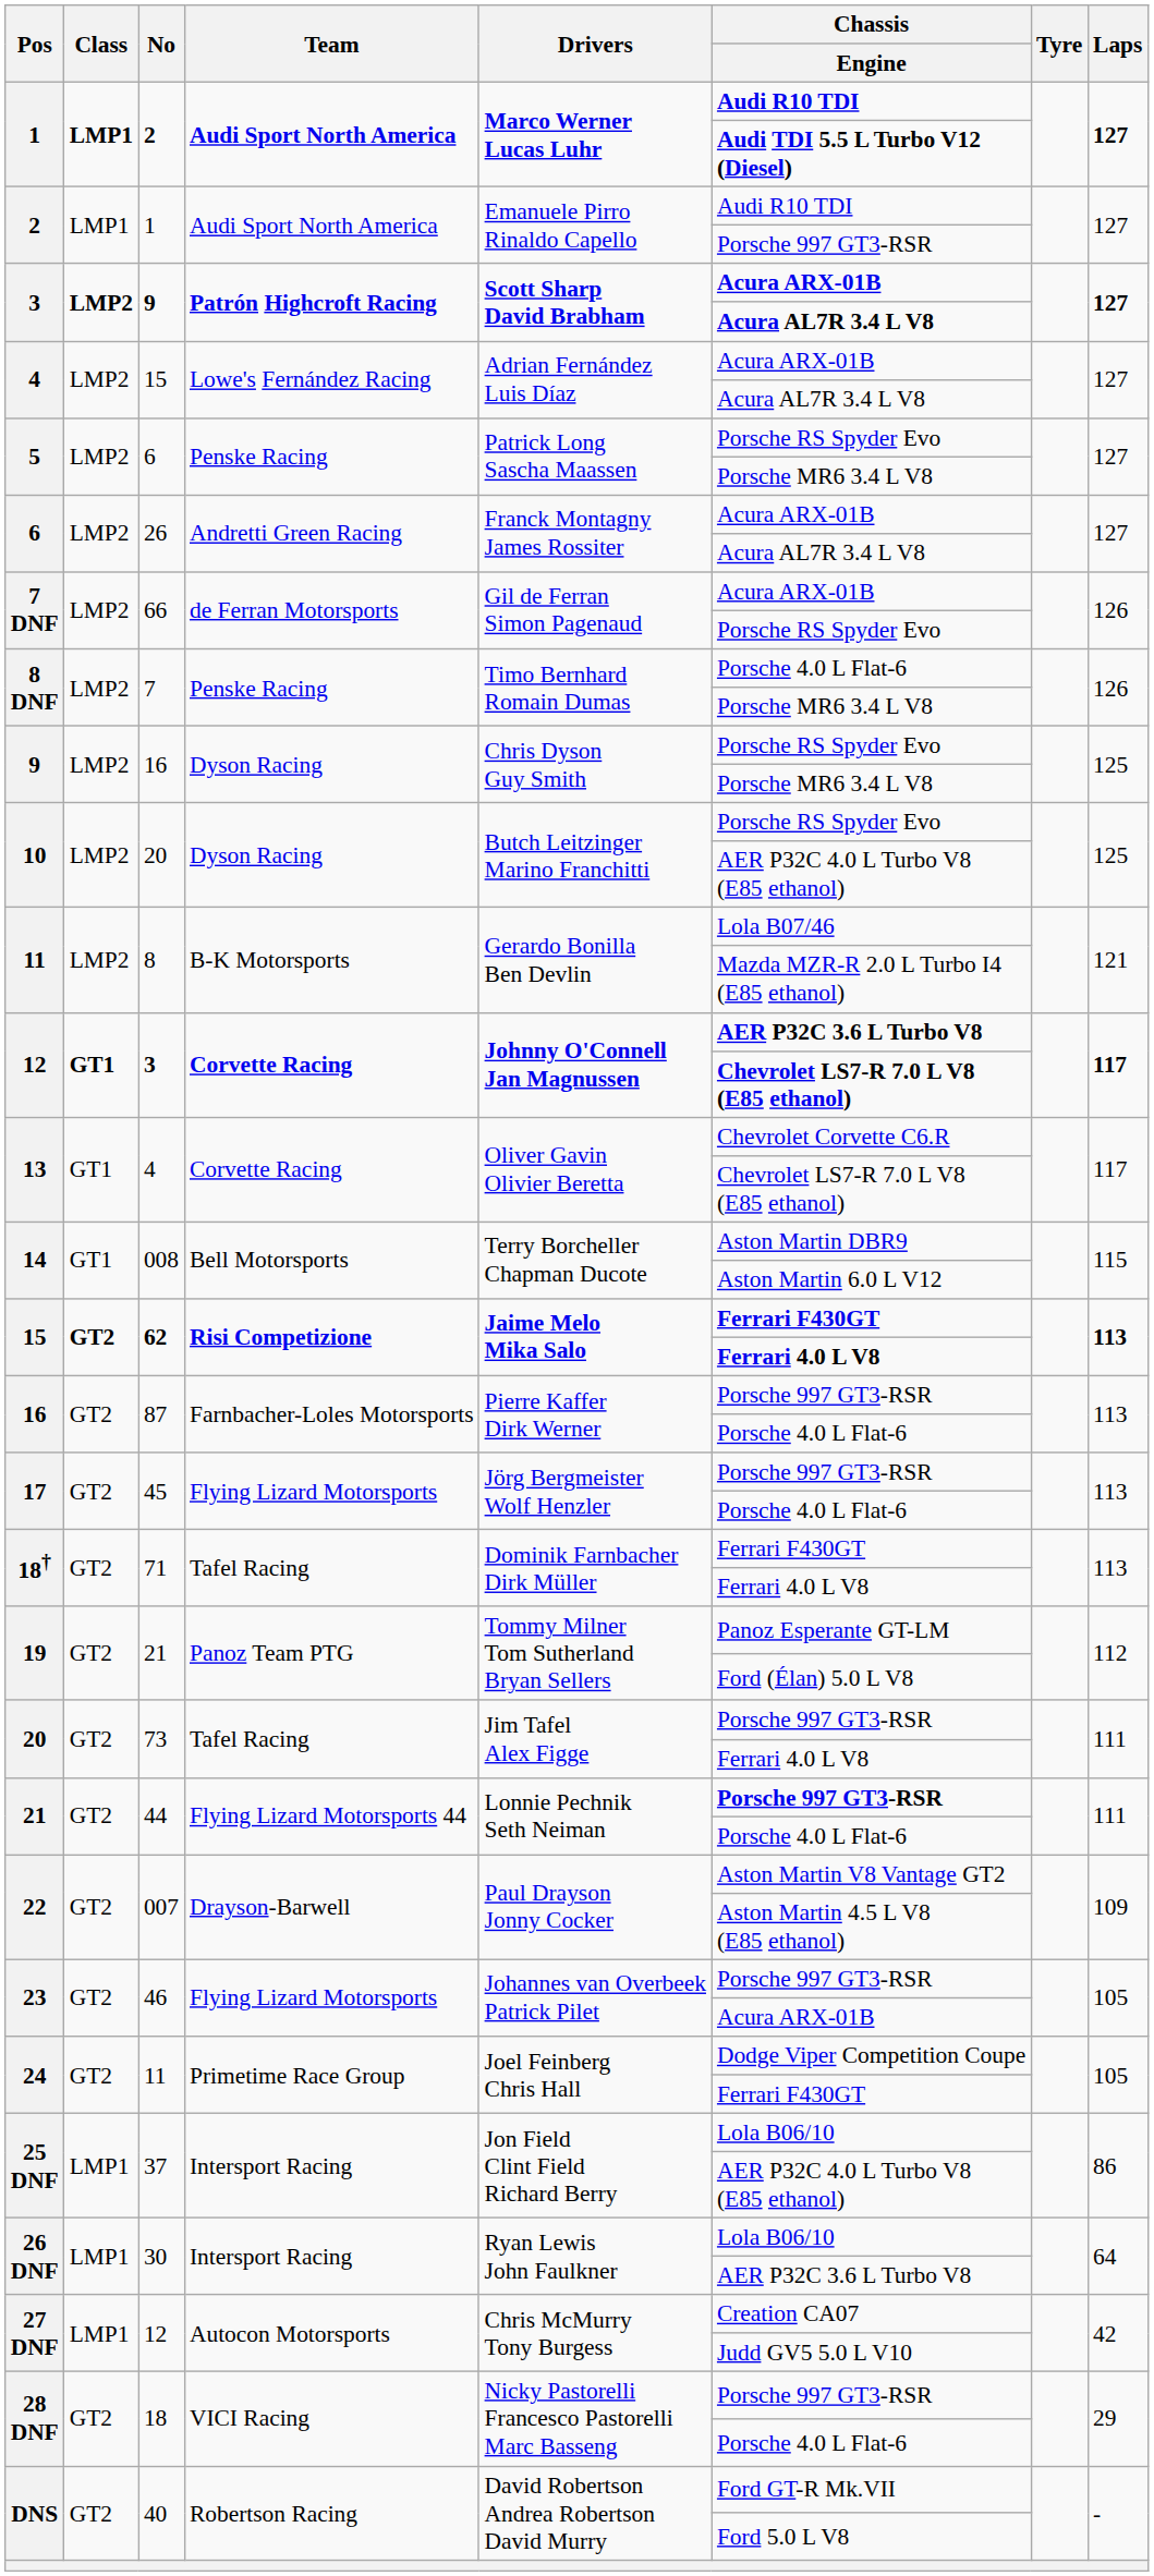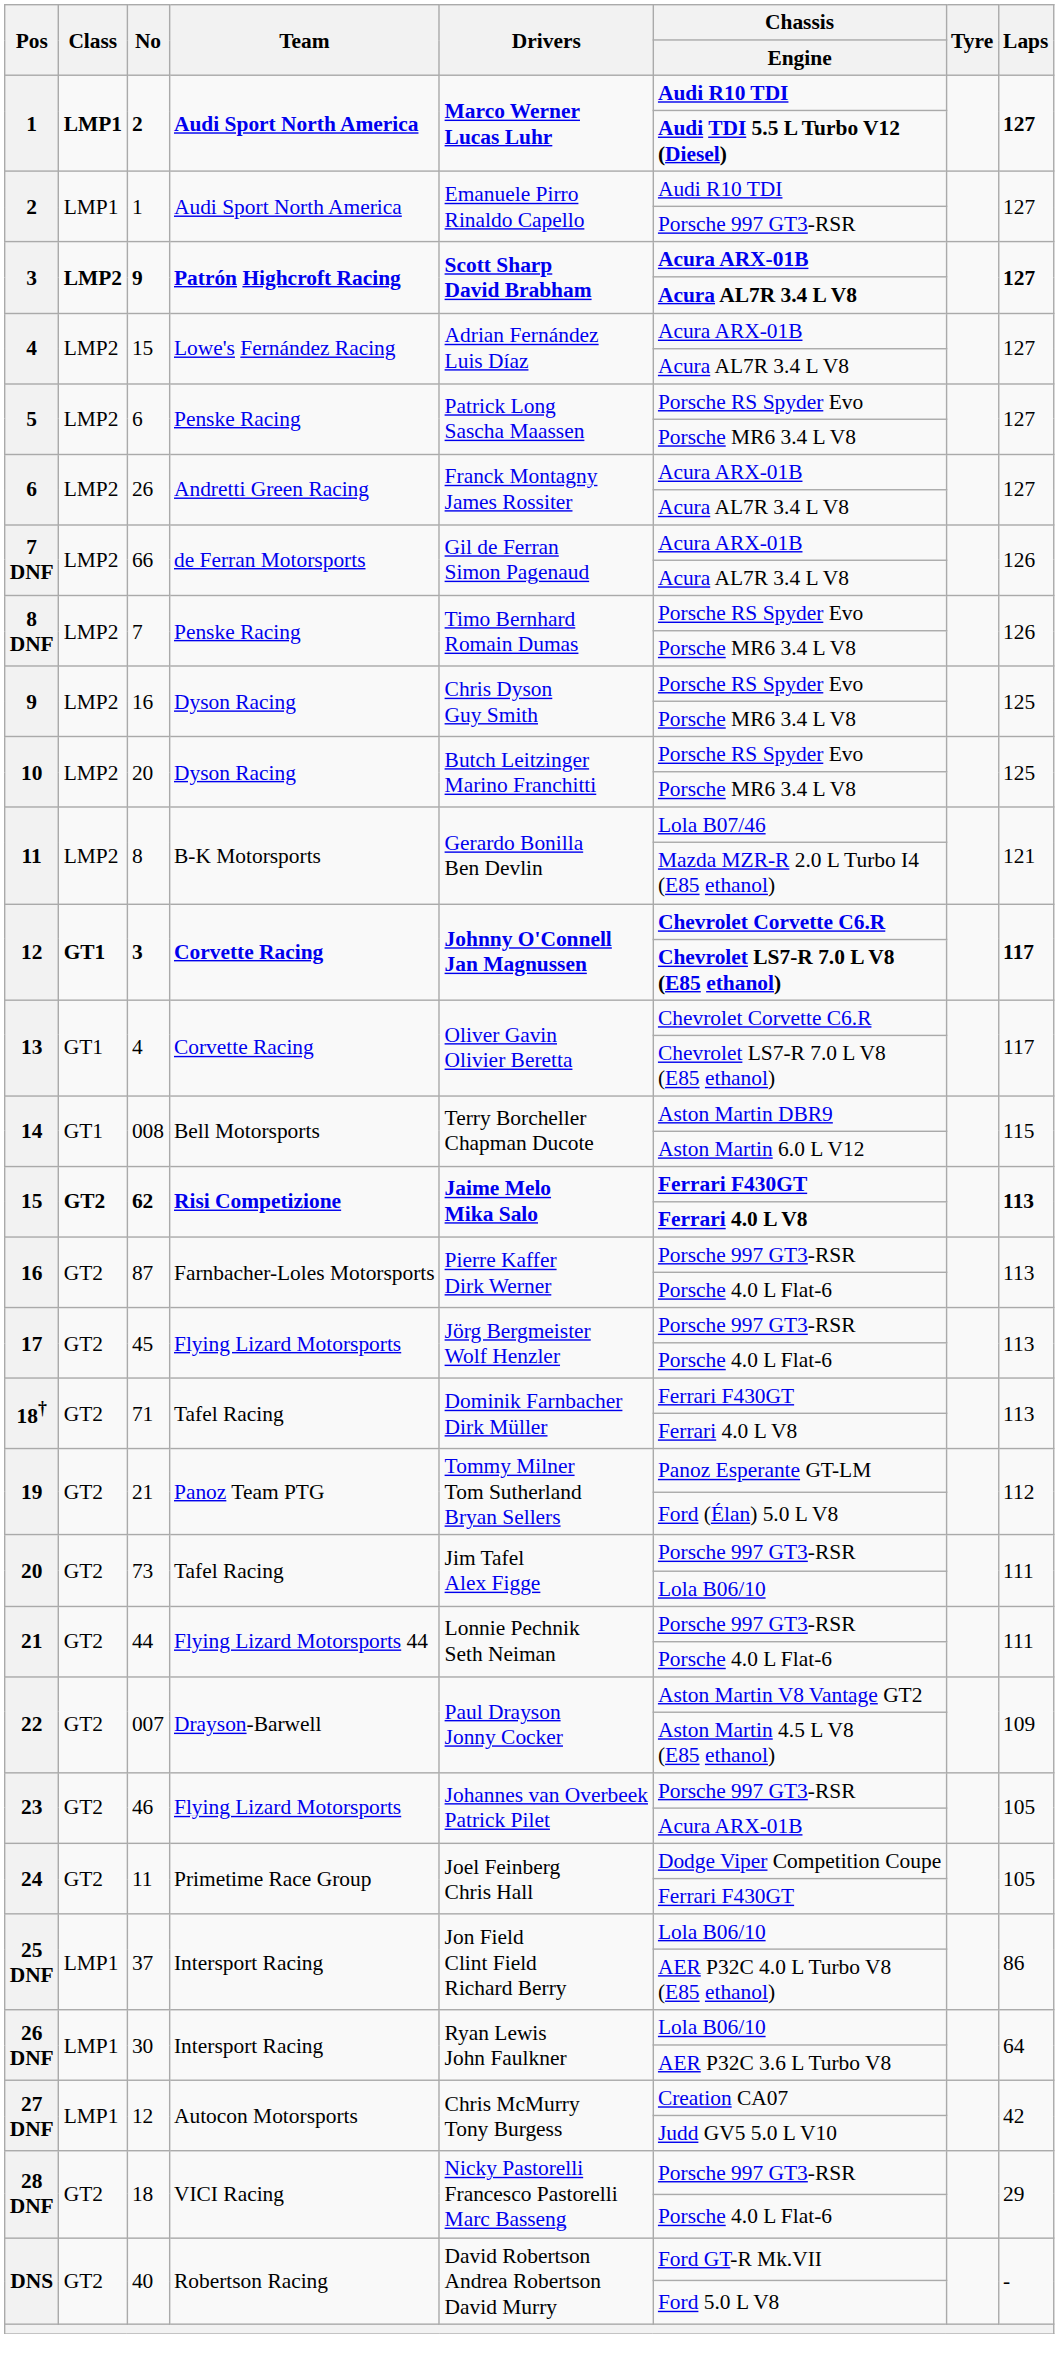 <table class="wikitable" style="font-size: 95%;">
 <tr>
 <th rowspan=2>Pos</th>
 <th rowspan=2>Class</th>
 <th rowspan=2>No</th>
 <th rowspan=2>Team</th>
 <th rowspan=2>Drivers</th>
 <th>Chassis</th>
 <th rowspan=2>Tyre</th>
 <th rowspan=2>Laps</th>
 </tr>
 <tr>
 <th>Engine</th>
 </tr>
 <tr style="font-weight:bold">
 <th rowspan=2>1</th>
 <td rowspan=2>LMP1</td>
 <td rowspan=2>2</td>
 <td rowspan=2> <a href='#'>Audi Sport North America</a></td>
 <td rowspan=2> <a href='#'>Marco Werner</a><br> <a href='#'>Lucas Luhr</a></td>
 <td><a href='#'>Audi R10 TDI</a></td>
 <td rowspan=2></td>
 <td rowspan=2>127</td>
 </tr>
 <tr style="font-weight:bold">
 <td><a href='#'>Audi</a> <a href='#'>TDI</a> 5.5 L Turbo V12<br>(<a href='#'>Diesel</a>)</td>
 </tr>
 <tr>
 <th rowspan=2>2</th>
 <td rowspan=2>LMP1</td>
 <td rowspan=2>1</td>
 <td rowspan=2> <a href='#'>Audi Sport North America</a></td>
 <td rowspan=2> <a href='#'>Emanuele Pirro</a><br> <a href='#'>Rinaldo Capello</a></td>
 <td><a href='#'>Audi R10 TDI</a></td>
 <td rowspan=2></td>
 <td rowspan=2>127</td>
 </tr>
 <tr>
 <td><a href='#'>Porsche 997 GT3</a>-RSR</td>
 </tr>
 <tr style="font-weight:bold">
 <th rowspan=2>3</th>
 <td rowspan=2>LMP2</td>
 <td rowspan=2>9</td>
 <td rowspan=2> <a href='#'>Patrón</a> <a href='#'>Highcroft Racing</a></td>
 <td rowspan=2> <a href='#'>Scott Sharp</a><br> <a href='#'>David Brabham</a></td>
 <td><a href='#'>Acura ARX-01B</a></td>
 <td rowspan=2></td>
 <td rowspan=2>127</td>
 </tr>
 <tr style="font-weight:bold">
 <td><a href='#'>Acura</a> AL7R 3.4 L V8</td>
 </tr>
 <tr>
 <th rowspan=2>4</th>
 <td rowspan=2>LMP2</td>
 <td rowspan=2>15</td>
 <td rowspan=2> <a href='#'>Lowe's</a> <a href='#'>Fernández Racing</a></td>
 <td rowspan=2> <a href='#'>Adrian Fernández</a><br> <a href='#'>Luis Díaz</a></td>
 <td><a href='#'>Acura ARX-01B</a></td>
 <td rowspan=2></td>
 <td rowspan=2>127</td>
 </tr>
 <tr>
 <td><a href='#'>Acura</a> AL7R 3.4 L V8</td>
 </tr>
 <tr>
 <th rowspan=2>5</th>
 <td rowspan=2>LMP2</td>
 <td rowspan=2>6</td>
 <td rowspan=2> <a href='#'>Penske Racing</a></td>
 <td rowspan=2> <a href='#'>Patrick Long</a><br> <a href='#'>Sascha Maassen</a></td>
 <td><a href='#'>Porsche RS Spyder</a> Evo</td>
 <td rowspan=2></td>
 <td rowspan=2>127</td>
 </tr>
 <tr>
 <td><a href='#'>Porsche</a> MR6 3.4 L V8</td>
 </tr>
 <tr>
 <th rowspan=2>6</th>
 <td rowspan=2>LMP2</td>
 <td rowspan=2>26</td>
 <td rowspan=2> <a href='#'>Andretti Green Racing</a></td>
 <td rowspan=2> <a href='#'>Franck Montagny</a><br> <a href='#'>James Rossiter</a></td>
 <td><a href='#'>Acura ARX-01B</a></td>
 <td rowspan=2></td>
 <td rowspan=2>127</td>
 </tr>
 <tr>
 <td><a href='#'>Acura</a> AL7R 3.4 L V8</td>
 </tr>
 <tr>
 <th rowspan=2>7<br>DNF</th>
 <td rowspan=2>LMP2</td>
 <td rowspan=2>66</td>
 <td rowspan=2> <a href='#'>de Ferran Motorsports</a></td>
 <td rowspan=2> <a href='#'>Gil de Ferran</a><br> <a href='#'>Simon Pagenaud</a></td>
 <td><a href='#'>Acura ARX-01B</a></td>
 <td rowspan=2></td>
 <td rowspan=2>126</td>
 </tr>
 <tr>
-<td><a href='#'>Porsche RS Spyder</a> Evo</td>
+<td><a href='#'>Acura</a> AL7R 3.4 L V8</td>
 </tr>
 <tr>
 <th rowspan=2>8<br>DNF</th>
 <td rowspan=2>LMP2</td>
 <td rowspan=2>7</td>
 <td rowspan=2> <a href='#'>Penske Racing</a></td>
 <td rowspan=2> <a href='#'>Timo Bernhard</a><br> <a href='#'>Romain Dumas</a></td>
-<td><a href='#'>Porsche</a> 4.0 L Flat-6</td>
+<td><a href='#'>Porsche RS Spyder</a> Evo</td>
 <td rowspan=2></td>
 <td rowspan=2>126</td>
 </tr>
 <tr>
 <td><a href='#'>Porsche</a> MR6 3.4 L V8</td>
 </tr>
 <tr>
 <th rowspan=2>9</th>
 <td rowspan=2>LMP2</td>
 <td rowspan=2>16</td>
 <td rowspan=2> <a href='#'>Dyson Racing</a></td>
 <td rowspan=2> <a href='#'>Chris Dyson</a><br> <a href='#'>Guy Smith</a></td>
 <td><a href='#'>Porsche RS Spyder</a> Evo</td>
 <td rowspan=2></td>
 <td rowspan=2>125</td>
 </tr>
 <tr>
 <td><a href='#'>Porsche</a> MR6 3.4 L V8</td>
 </tr>
 <tr>
 <th rowspan=2>10</th>
 <td rowspan=2>LMP2</td>
 <td rowspan=2>20</td>
 <td rowspan=2> <a href='#'>Dyson Racing</a></td>
 <td rowspan=2> <a href='#'>Butch Leitzinger</a><br> <a href='#'>Marino Franchitti</a></td>
 <td><a href='#'>Porsche RS Spyder</a> Evo</td>
 <td rowspan=2></td>
 <td rowspan=2>125</td>
 </tr>
 <tr>
-<td><a href='#'>AER</a> P32C 4.0 L Turbo V8<br>(<a href='#'>E85</a> <a href='#'>ethanol</a>)</td>
+<td><a href='#'>Porsche</a> MR6 3.4 L V8</td>
 </tr>
 <tr>
 <th rowspan=2>11</th>
 <td rowspan=2>LMP2</td>
 <td rowspan=2>8</td>
 <td rowspan=2> B-K Motorsports</td>
 <td rowspan=2> <a href='#'>Gerardo Bonilla</a><br> Ben Devlin</td>
 <td><a href='#'>Lola B07/46</a></td>
 <td rowspan=2></td>
 <td rowspan=2>121</td>
 </tr>
 <tr>
 <td><a href='#'>Mazda MZR-R</a> 2.0 L Turbo I4<br>(<a href='#'>E85</a> <a href='#'>ethanol</a>)</td>
 </tr>
 <tr style="font-weight:bold">
 <th rowspan=2>12</th>
 <td rowspan=2>GT1</td>
 <td rowspan=2>3</td>
 <td rowspan=2> <a href='#'>Corvette Racing</a></td>
 <td rowspan=2> <a href='#'>Johnny O'Connell</a><br> <a href='#'>Jan Magnussen</a></td>
-<td><a href='#'>AER</a> P32C 3.6 L Turbo V8</td>
+<td><a href='#'>Chevrolet Corvette C6.R</a></td>
 <td rowspan=2></td>
 <td rowspan=2>117</td>
 </tr>
 <tr style="font-weight:bold">
 <td><a href='#'>Chevrolet</a> LS7-R 7.0 L V8<br>(<a href='#'>E85</a> <a href='#'>ethanol</a>)</td>
 </tr>
 <tr>
 <th rowspan=2>13</th>
 <td rowspan=2>GT1</td>
 <td rowspan=2>4</td>
 <td rowspan=2> <a href='#'>Corvette Racing</a></td>
 <td rowspan=2> <a href='#'>Oliver Gavin</a><br> <a href='#'>Olivier Beretta</a></td>
 <td><a href='#'>Chevrolet Corvette C6.R</a></td>
 <td rowspan=2></td>
 <td rowspan=2>117</td>
 </tr>
 <tr>
 <td><a href='#'>Chevrolet</a> LS7-R 7.0 L V8<br>(<a href='#'>E85</a> <a href='#'>ethanol</a>)</td>
 </tr>
 <tr>
 <th rowspan=2>14</th>
 <td rowspan=2>GT1</td>
 <td rowspan=2>008</td>
 <td rowspan=2> Bell Motorsports</td>
 <td rowspan=2> Terry Borcheller<br> Chapman Ducote</td>
 <td><a href='#'>Aston Martin DBR9</a></td>
 <td rowspan=2></td>
 <td rowspan=2>115</td>
 </tr>
 <tr>
 <td><a href='#'>Aston Martin</a> 6.0 L V12</td>
 </tr>
 <tr style="font-weight:bold">
 <th rowspan=2>15</th>
 <td rowspan=2>GT2</td>
 <td rowspan=2>62</td>
 <td rowspan=2> <a href='#'>Risi Competizione</a></td>
 <td rowspan=2> <a href='#'>Jaime Melo</a><br> <a href='#'>Mika Salo</a></td>
 <td><a href='#'>Ferrari F430GT</a></td>
 <td rowspan=2></td>
 <td rowspan=2>113</td>
 </tr>
 <tr style="font-weight:bold">
 <td><a href='#'>Ferrari</a> 4.0 L V8</td>
 </tr>
 <tr>
 <th rowspan=2>16</th>
 <td rowspan=2>GT2</td>
 <td rowspan=2>87</td>
 <td rowspan=2> Farnbacher-Loles Motorsports</td>
 <td rowspan=2> <a href='#'>Pierre Kaffer</a><br> <a href='#'>Dirk Werner</a></td>
 <td><a href='#'>Porsche 997 GT3</a>-RSR</td>
 <td rowspan=2></td>
 <td rowspan=2>113</td>
 </tr>
 <tr>
 <td><a href='#'>Porsche</a> 4.0 L Flat-6</td>
 </tr>
 <tr>
 <th rowspan=2>17</th>
 <td rowspan=2>GT2</td>
 <td rowspan=2>45</td>
 <td rowspan=2> <a href='#'>Flying Lizard Motorsports</a></td>
 <td rowspan=2> <a href='#'>Jörg Bergmeister</a><br> <a href='#'>Wolf Henzler</a></td>
 <td><a href='#'>Porsche 997 GT3</a>-RSR</td>
 <td rowspan=2></td>
 <td rowspan=2>113</td>
 </tr>
 <tr>
 <td><a href='#'>Porsche</a> 4.0 L Flat-6</td>
 </tr>
 <tr>
 <th rowspan=2>18<sup>†</sup></th>
 <td rowspan=2>GT2</td>
 <td rowspan=2>71</td>
 <td rowspan=2> Tafel Racing</td>
 <td rowspan=2> <a href='#'>Dominik Farnbacher</a><br> <a href='#'>Dirk Müller</a></td>
 <td><a href='#'>Ferrari F430GT</a></td>
 <td rowspan=2></td>
 <td rowspan=2>113</td>
 </tr>
 <tr>
 <td><a href='#'>Ferrari</a> 4.0 L V8</td>
 </tr>
 <tr>
 <th rowspan=2>19</th>
 <td rowspan=2>GT2</td>
 <td rowspan=2>21</td>
 <td rowspan=2> <a href='#'>Panoz</a> Team PTG</td>
 <td rowspan=2> <a href='#'>Tommy Milner</a><br> Tom Sutherland<br> <a href='#'>Bryan Sellers</a></td>
 <td><a href='#'>Panoz Esperante</a> GT-LM</td>
 <td rowspan=2></td>
 <td rowspan=2>112</td>
 </tr>
 <tr>
 <td><a href='#'>Ford</a> (<a href='#'>Élan</a>) 5.0 L V8</td>
 </tr>
 <tr>
 <th rowspan=2>20</th>
 <td rowspan=2>GT2</td>
 <td rowspan=2>73</td>
 <td rowspan=2> Tafel Racing</td>
 <td rowspan=2> Jim Tafel<br> <a href='#'>Alex Figge</a></td>
 <td><a href='#'>Porsche 997 GT3</a>-RSR</td>
 <td rowspan=2></td>
 <td rowspan=2>111</td>
 </tr>
 <tr>
-<td><a href='#'>Ferrari</a> 4.0 L V8</td>
+<td><a href='#'>Lola B06/10</a></td>
 </tr>
 <tr>
 <th rowspan=2>21</th>
 <td rowspan=2>GT2</td>
 <td rowspan=2>44</td>
 <td rowspan=2> <a href='#'>Flying Lizard Motorsports</a> 44</td>
 <td rowspan=2> Lonnie Pechnik<br> Seth Neiman</td>
-<td><strong><a href='#'>Porsche 997 GT3</a>-RSR</strong></td>
+<td><a href='#'>Porsche 997 GT3</a>-RSR</td>
 <td rowspan=2></td>
 <td rowspan=2>111</td>
 </tr>
 <tr>
 <td><a href='#'>Porsche</a> 4.0 L Flat-6</td>
 </tr>
 <tr>
 <th rowspan=2>22</th>
 <td rowspan=2>GT2</td>
 <td rowspan=2>007</td>
 <td rowspan=2> <a href='#'>Drayson</a>-Barwell</td>
 <td rowspan=2> <a href='#'>Paul Drayson</a><br> <a href='#'>Jonny Cocker</a></td>
 <td><a href='#'>Aston Martin V8 Vantage</a> GT2</td>
 <td rowspan=2></td>
 <td rowspan=2>109</td>
 </tr>
 <tr>
 <td><a href='#'>Aston Martin</a> 4.5 L V8<br>(<a href='#'>E85</a> <a href='#'>ethanol</a>)</td>
 </tr>
 <tr>
 <th rowspan=2>23</th>
 <td rowspan=2>GT2</td>
 <td rowspan=2>46</td>
 <td rowspan=2> <a href='#'>Flying Lizard Motorsports</a></td>
 <td rowspan=2> <a href='#'>Johannes van Overbeek</a><br> <a href='#'>Patrick Pilet</a></td>
 <td><a href='#'>Porsche 997 GT3</a>-RSR</td>
 <td rowspan=2></td>
 <td rowspan=2>105</td>
 </tr>
 <tr>
 <td><a href='#'>Acura ARX-01B</a></td>
 </tr>
 <tr>
 <th rowspan=2>24</th>
 <td rowspan=2>GT2</td>
 <td rowspan=2>11</td>
 <td rowspan=2> Primetime Race Group</td>
 <td rowspan=2> Joel Feinberg<br> Chris Hall</td>
 <td><a href='#'>Dodge Viper</a> Competition Coupe</td>
 <td rowspan=2></td>
 <td rowspan=2>105</td>
 </tr>
 <tr>
 <td><a href='#'>Ferrari F430GT</a></td>
 </tr>
 <tr>
 <th rowspan=2>25<br>DNF</th>
 <td rowspan=2>LMP1</td>
 <td rowspan=2>37</td>
 <td rowspan=2> Intersport Racing</td>
 <td rowspan=2> Jon Field<br> Clint Field<br> Richard Berry</td>
 <td><a href='#'>Lola B06/10</a></td>
 <td rowspan=2></td>
 <td rowspan=2>86</td>
 </tr>
 <tr>
 <td><a href='#'>AER</a> P32C 4.0 L Turbo V8<br>(<a href='#'>E85</a> <a href='#'>ethanol</a>)</td>
 </tr>
 <tr>
 <th rowspan=2>26<br>DNF</th>
 <td rowspan=2>LMP1</td>
 <td rowspan=2>30</td>
 <td rowspan=2> Intersport Racing</td>
 <td rowspan=2> Ryan Lewis<br> John Faulkner</td>
 <td><a href='#'>Lola B06/10</a></td>
 <td rowspan=2></td>
 <td rowspan=2>64</td>
 </tr>
 <tr>
 <td><a href='#'>AER</a> P32C 3.6 L Turbo V8</td>
 </tr>
 <tr>
 <th rowspan=2>27<br>DNF</th>
 <td rowspan=2>LMP1</td>
 <td rowspan=2>12</td>
 <td rowspan=2> Autocon Motorsports</td>
 <td rowspan=2> Chris McMurry<br> Tony Burgess</td>
 <td><a href='#'>Creation</a> CA07</td>
 <td rowspan=2></td>
 <td rowspan=2>42</td>
 </tr>
 <tr>
 <td><a href='#'>Judd</a> GV5 5.0 L V10</td>
 </tr>
 <tr>
 <th rowspan=2>28<br>DNF</th>
 <td rowspan=2>GT2</td>
 <td rowspan=2>18</td>
 <td rowspan=2> VICI Racing</td>
 <td rowspan=2> <a href='#'>Nicky Pastorelli</a><br> Francesco Pastorelli<br> <a href='#'>Marc Basseng</a></td>
 <td><a href='#'>Porsche 997 GT3</a>-RSR</td>
 <td rowspan=2></td>
 <td rowspan=2>29</td>
 </tr>
 <tr>
 <td><a href='#'>Porsche</a> 4.0 L Flat-6</td>
 </tr>
 <tr>
 <th rowspan=2>DNS</th>
 <td rowspan=2>GT2</td>
 <td rowspan=2>40</td>
 <td rowspan=2> Robertson Racing</td>
 <td rowspan=2> David Robertson<br> Andrea Robertson<br> David Murry</td>
 <td><a href='#'>Ford GT</a>-R Mk.VII</td>
 <td rowspan=2></td>
 <td rowspan=2>-</td>
 </tr>
 <tr>
 <td><a href='#'>Ford</a> 5.0 L V8</td>
 </tr>
 <tr>
 <th colspan=8> </th>
 </tr>
 </table>
